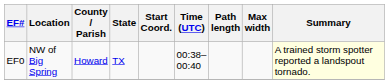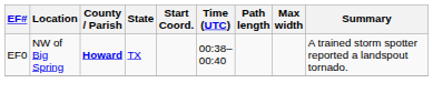 <table class="wikitable sortable" style="width:100%;">
 <tr>
 <th scope="col" style="width:3%; text-align:center;"><a href='#'>EF#</a></th>
 <th scope="col" style="width:7%; text-align:center;" class="unsortable">Location</th>
 <th scope="col" style="width:6%; text-align:center;" class="unsortable">County / Parish</th>
 <th scope="col" style="width:5%; text-align:center;">State</th>
 <th scope="col" style="width:6%; text-align:center;">Start Coord.</th>
 <th scope="col" style="width:6%; text-align:center;">Time (<a href='#'>UTC</a>)</th>
 <th scope="col" style="width:6%; text-align:center;">Path length</th>
 <th scope="col" style="width:6%; text-align:center;">Max width</th>
 <th scope="col" class="unsortable" style="width:48%; text-align:center;">Summary</th>
 </tr>
 <tr>
 <td bgcolor=>EF0</td>
 <td>NW of <a href='#'>Big Spring</a></td>
-<td><a href='#'>Howard</a></td>
+<td><strong><a href='#'>Howard</a></strong></td>
 <td><a href='#'>TX</a></td>
 <td></td>
 <td>00:38–00:40</td>
 <td></td>
 <td></td>
-<td style="background: lightyellow;">A trained storm spotter reported a landspout tornado.</td>
+<td>A trained storm spotter reported a landspout tornado.</td>
 </tr>
 <tr>
 </tr>
 </table>
